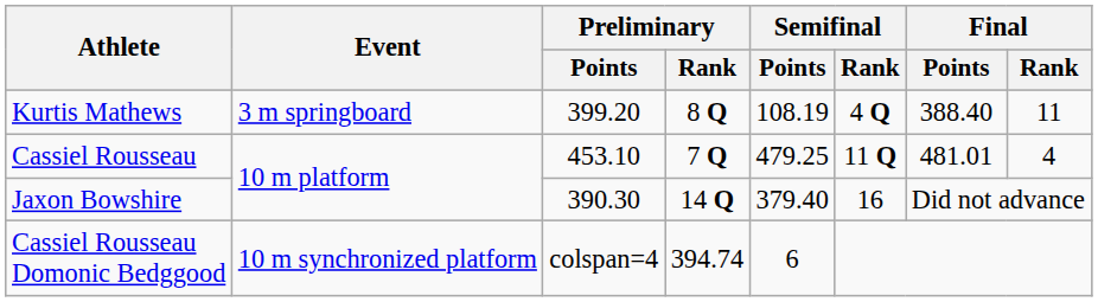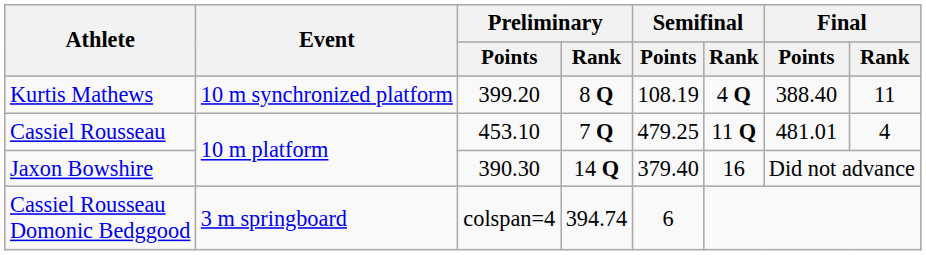 <table class=wikitable style=font-size:90%;text-align:center>
 <tr>
 <th rowspan=2>Athlete</th>
 <th rowspan=2>Event</th>
 <th colspan=2>Preliminary</th>
 <th colspan=2>Semifinal</th>
 <th colspan=2>Final</th>
 </tr>
 <tr style=font-size:95%>
 <th>Points</th>
 <th>Rank</th>
 <th>Points</th>
 <th>Rank</th>
 <th>Points</th>
 <th>Rank</th>
 </tr>
 <tr>
 <td align=left><a href='#'>Kurtis Mathews</a></td>
-<td align=left><a href='#'>3 m springboard</a></td>
+<td align=left><a href='#'>10 m synchronized platform</a></td>
 <td>399.20</td>
 <td>8 <strong>Q</strong></td>
 <td>108.19</td>
 <td>4 <strong>Q</strong></td>
 <td>388.40</td>
 <td>11</td>
 </tr>
 <tr>
 <td align=left><a href='#'>Cassiel Rousseau</a></td>
 <td align=left rowspan=2><a href='#'>10 m platform</a></td>
 <td>453.10</td>
 <td>7 <strong>Q</strong></td>
 <td>479.25</td>
 <td>11 <strong>Q</strong></td>
 <td>481.01</td>
 <td>4</td>
 </tr>
 <tr>
 <td align=left><a href='#'>Jaxon Bowshire</a></td>
 <td>390.30</td>
 <td>14 <strong>Q</strong></td>
 <td>379.40</td>
 <td>16</td>
 <td colspan=2>Did not advance</td>
 </tr>
 <tr>
 <td align=left><a href='#'>Cassiel Rousseau</a><br><a href='#'>Domonic Bedggood</a></td>
-<td align=left><a href='#'>10 m synchronized platform</a></td>
+<td align=left><a href='#'>3 m springboard</a></td>
 <td>colspan=4 </td>
 <td>394.74</td>
 <td>6</td>
 </tr>
 </table>
